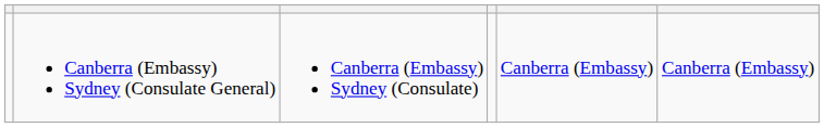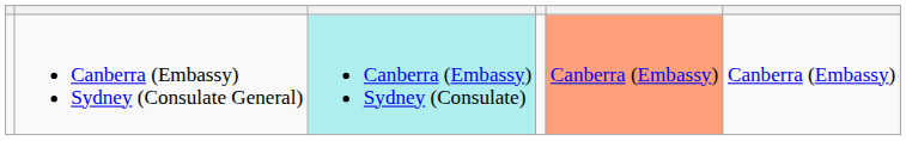 <table class="wikitable">
 <tr>
 <th></th>
 <th></th>
 <th></th>
 <th></th>
 <th></th>
 <th></th>
 </tr>
 <tr>
 <td></td>
 <td><br><ul><li><a href='#'>Canberra</a> (Embassy)</li><li><a href='#'>Sydney</a> (Consulate General)</li></ul></td>
-<td><br><ul><li><a href='#'>Canberra</a> (<a href='#'>Embassy</a>)</li><li><a href='#'>Sydney</a> (Consulate)</li></ul></td>
+<td style="background: paleturquoise;"><br><ul><li><a href='#'>Canberra</a> (<a href='#'>Embassy</a>)</li><li><a href='#'>Sydney</a> (Consulate)</li></ul></td>
 <td></td>
-<td><a href='#'>Canberra</a> (<a href='#'>Embassy</a>)</td>
+<td style="background: lightsalmon;"><a href='#'>Canberra</a> (<a href='#'>Embassy</a>)</td>
 <td><a href='#'>Canberra</a> (<a href='#'>Embassy</a>)</td>
 </tr>
 </table>
